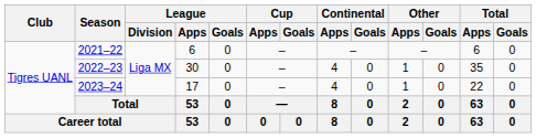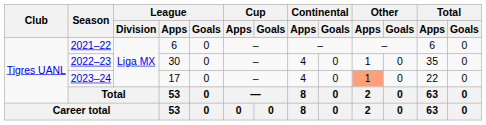 <table class="wikitable" style="text-align: center">
 <tr>
 <th rowspan="2">Club</th>
 <th rowspan="2">Season</th>
 <th colspan="3">League</th>
 <th colspan="2">Cup</th>
 <th colspan="2">Continental</th>
 <th colspan="2">Other</th>
 <th colspan="2">Total</th>
 </tr>
 <tr>
 <th>Division</th>
 <th>Apps</th>
 <th>Goals</th>
 <th>Apps</th>
 <th>Goals</th>
 <th>Apps</th>
 <th>Goals</th>
 <th>Apps</th>
 <th>Goals</th>
 <th>Apps</th>
 <th>Goals</th>
 </tr>
 <tr>
 <td rowspan="4"><a href='#'>Tigres UANL</a></td>
 <td><a href='#'>2021–22</a></td>
 <td rowspan="3"><a href='#'>Liga MX</a></td>
 <td>6</td>
 <td>0</td>
 <td colspan="2">–</td>
 <td colspan="2">–</td>
 <td colspan="2">–</td>
 <td>6</td>
 <td>0</td>
 </tr>
 <tr>
 <td><a href='#'>2022–23</a></td>
 <td>30</td>
 <td>0</td>
 <td colspan="2">–</td>
 <td>4</td>
 <td>0</td>
 <td>1</td>
 <td>0</td>
 <td>35</td>
 <td>0</td>
 </tr>
 <tr>
 <td><a href='#'>2023–24</a></td>
 <td>17</td>
 <td>0</td>
 <td colspan="2">–</td>
 <td>4</td>
 <td>0</td>
-<td>1</td>
+<td style="background: lightsalmon;">1</td>
 <td>0</td>
 <td>22</td>
 <td>0</td>
 </tr>
 <tr>
 <th colspan="2">Total</th>
 <th>53</th>
 <th>0</th>
 <th colspan="2">—</th>
 <th>8</th>
 <th>0</th>
 <th>2</th>
 <th>0</th>
 <th>63</th>
 <th>0</th>
 </tr>
 <tr>
 <th colspan="3"><strong>Career total</strong></th>
 <th>53</th>
 <th>0</th>
 <th>0</th>
 <th>0</th>
 <th>8</th>
 <th>0</th>
 <th>2</th>
 <th>0</th>
 <th>63</th>
 <th>0</th>
 </tr>
 </table>
